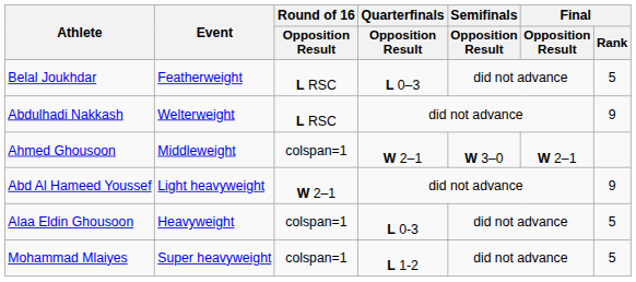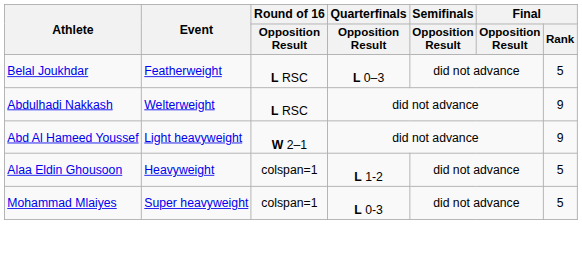 <table class="wikitable" style="font-size:90%">
 <tr>
 <th rowspan=2>Athlete</th>
 <th rowspan=2>Event</th>
 <th>Round of 16</th>
 <th>Quarterfinals</th>
 <th>Semifinals</th>
 <th colspan=2>Final</th>
 </tr>
 <tr style="font-size:95%">
 <th>Opposition<br>Result</th>
 <th>Opposition<br>Result</th>
 <th>Opposition<br>Result</th>
 <th>Opposition<br>Result</th>
 <th>Rank</th>
 </tr>
 <tr align=center>
 <td align=left><a href='#'>Belal Joukhdar</a></td>
 <td align=left><a href='#'>Featherweight</a></td>
 <td><br><strong>L</strong> RSC</td>
 <td><br><strong>L</strong> 0–3</td>
 <td colspan=2>did not advance</td>
 <td>5</td>
 </tr>
 <tr align=center>
 <td align=left><a href='#'>Abdulhadi Nakkash</a></td>
 <td align=left><a href='#'>Welterweight</a></td>
 <td><br><strong>L</strong> RSC</td>
 <td colspan=3>did not advance</td>
 <td>9</td>
 </tr>
 <tr align=center>
-<td align=left><a href='#'>Ahmed Ghousoon</a></td>
-<td align=left><a href='#'>Middleweight</a></td>
-<td>colspan=1 </td>
-<td><br><strong>W</strong> 2–1</td>
-<td><br><strong>W</strong> 3–0</td>
-<td><br><strong>W</strong> 2–1</td>
-<td></td>
-</tr>
-<tr align=center>
 <td align=left><a href='#'>Abd Al Hameed Youssef</a></td>
 <td align=left><a href='#'>Light heavyweight</a></td>
 <td><br><strong>W</strong> 2–1</td>
 <td colspan=3>did not advance</td>
 <td>9</td>
 </tr>
 <tr align=center>
 <td align=left><a href='#'>Alaa Eldin Ghousoon</a></td>
 <td align=left><a href='#'>Heavyweight</a></td>
 <td>colspan=1 </td>
-<td><br><strong>L</strong> 0-3</td>
+<td><br><strong>L</strong> 1-2</td>
 <td colspan=2>did not advance</td>
 <td>5</td>
 </tr>
 <tr align=center>
 <td align=left><a href='#'>Mohammad Mlaiyes</a></td>
 <td align=left><a href='#'>Super heavyweight</a></td>
 <td>colspan=1 </td>
-<td><br><strong>L</strong> 1-2</td>
+<td><br><strong>L</strong> 0-3</td>
 <td colspan=2>did not advance</td>
 <td>5</td>
 </tr>
 </table>
